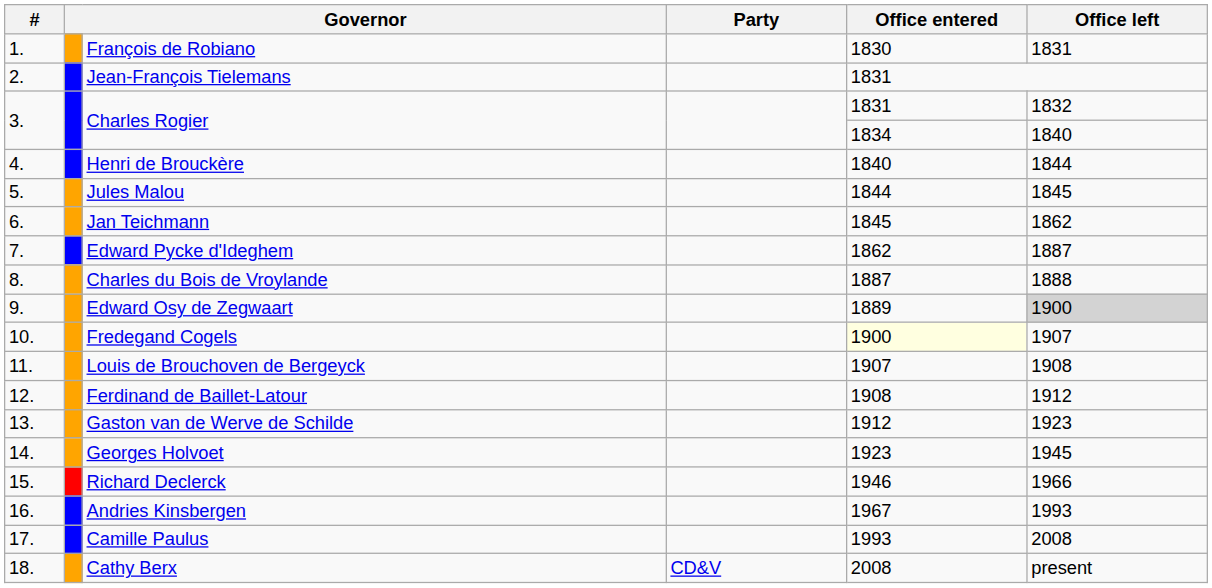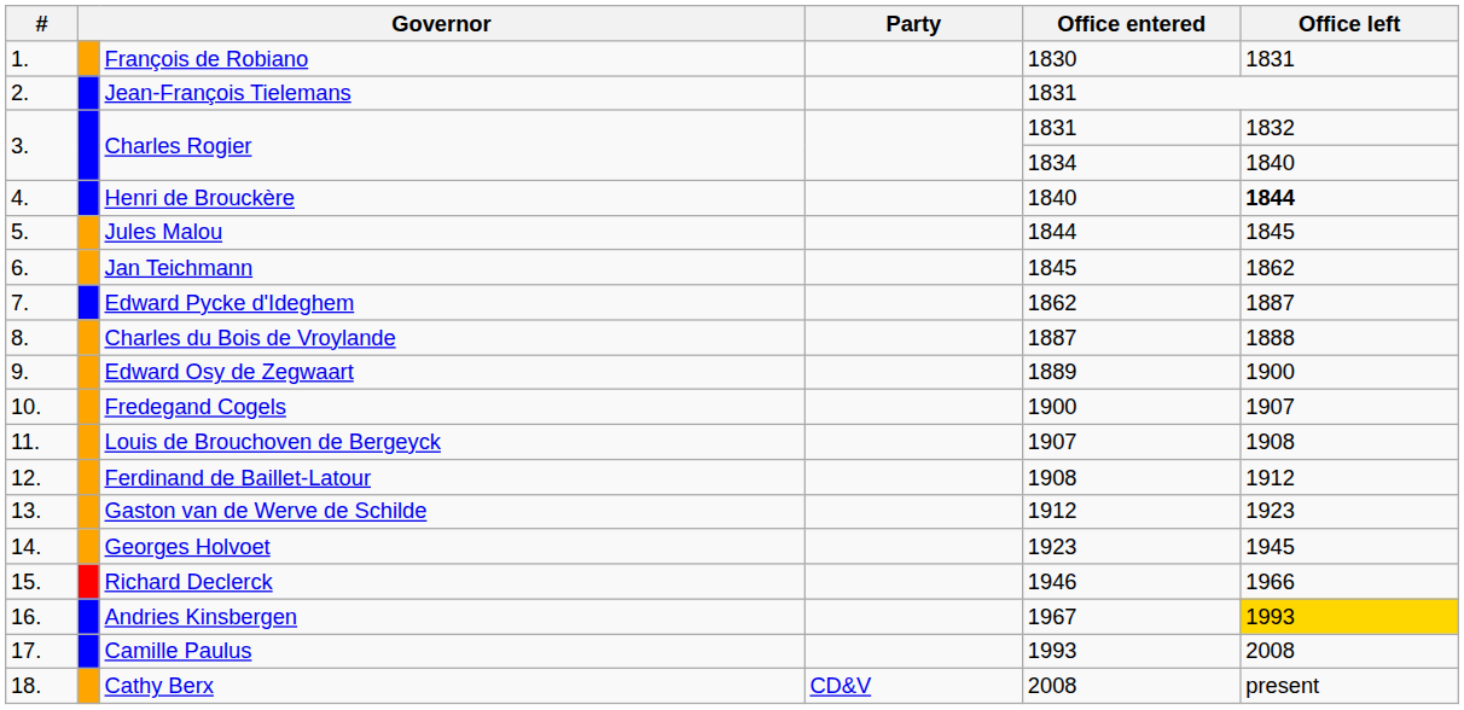 <table class="wikitable" style="text-align:left; font-size:90%; width:75%">
 <tr>
 <th>#</th>
 <th colspan=2 width=50%>Governor</th>
 <th width=15%>Party</th>
 <th width=15%>Office entered</th>
 <th width=15%>Office left</th>
 </tr>
 <tr>
 <td>1.</td>
 <td bgcolor="orange"></td>
 <td><a href='#'>François de Robiano</a></td>
 <td></td>
 <td>1830</td>
 <td>1831</td>
 </tr>
 <tr>
 <td>2.</td>
 <td bgcolor="blue"></td>
 <td><a href='#'>Jean-François Tielemans</a></td>
 <td></td>
 <td colspan=2>1831</td>
 </tr>
 <tr>
 <td rowspan=2>3.</td>
 <td bgcolor="blue" rowspan=2></td>
 <td rowspan=2><a href='#'>Charles Rogier</a></td>
 <td rowspan=2></td>
 <td>1831</td>
 <td>1832</td>
 </tr>
 <tr>
 <td>1834</td>
 <td>1840</td>
 </tr>
 <tr>
 <td>4.</td>
 <td bgcolor="blue"></td>
 <td><a href='#'>Henri de Brouckère</a></td>
 <td></td>
 <td>1840</td>
-<td>1844</td>
+<td><strong>1844</strong></td>
 </tr>
 <tr>
 <td>5.</td>
 <td bgcolor="orange"></td>
 <td><a href='#'>Jules Malou</a></td>
 <td></td>
 <td>1844</td>
 <td>1845</td>
 </tr>
 <tr>
 <td>6.</td>
 <td bgcolor="orange"></td>
 <td><a href='#'>Jan Teichmann</a></td>
 <td></td>
 <td>1845</td>
 <td>1862</td>
 </tr>
 <tr>
 <td>7.</td>
 <td bgcolor="blue"></td>
 <td><a href='#'>Edward Pycke d'Ideghem</a></td>
 <td></td>
 <td>1862</td>
 <td>1887</td>
 </tr>
 <tr>
 <td>8.</td>
 <td bgcolor="orange"></td>
 <td><a href='#'>Charles du Bois de Vroylande</a></td>
 <td></td>
 <td>1887</td>
 <td>1888</td>
 </tr>
 <tr>
 <td>9.</td>
 <td bgcolor="orange"></td>
 <td><a href='#'>Edward Osy de Zegwaart</a></td>
 <td></td>
 <td>1889</td>
-<td style="background: lightgrey;">1900</td>
+<td>1900</td>
 </tr>
 <tr>
 <td>10.</td>
 <td bgcolor="orange"></td>
 <td><a href='#'>Fredegand Cogels</a></td>
 <td></td>
-<td style="background: lightyellow;">1900</td>
+<td>1900</td>
 <td>1907</td>
 </tr>
 <tr>
 <td>11.</td>
 <td bgcolor="orange"></td>
 <td><a href='#'>Louis de Brouchoven de Bergeyck</a></td>
 <td></td>
 <td>1907</td>
 <td>1908</td>
 </tr>
 <tr>
 <td>12.</td>
 <td bgcolor="orange"></td>
 <td><a href='#'>Ferdinand de Baillet-Latour</a></td>
 <td></td>
 <td>1908</td>
 <td>1912</td>
 </tr>
 <tr>
 <td>13.</td>
 <td bgcolor="orange"></td>
 <td><a href='#'>Gaston van de Werve de Schilde</a></td>
 <td></td>
 <td>1912</td>
 <td>1923</td>
 </tr>
 <tr>
 <td>14.</td>
 <td bgcolor="orange"></td>
 <td><a href='#'>Georges Holvoet</a></td>
 <td></td>
 <td>1923</td>
 <td>1945</td>
 </tr>
 <tr>
 <td>15.</td>
 <td bgcolor="red"></td>
 <td><a href='#'>Richard Declerck</a></td>
 <td></td>
 <td>1946</td>
 <td>1966</td>
 </tr>
 <tr>
 <td>16.</td>
 <td bgcolor="blue"></td>
 <td><a href='#'>Andries Kinsbergen</a></td>
 <td></td>
 <td>1967</td>
-<td>1993</td>
+<td style="background: gold;">1993</td>
 </tr>
 <tr>
 <td>17.</td>
 <td bgcolor="blue"></td>
 <td><a href='#'>Camille Paulus</a></td>
 <td></td>
 <td>1993</td>
 <td>2008</td>
 </tr>
 <tr>
 <td>18.</td>
 <td bgcolor="orange"></td>
 <td><a href='#'>Cathy Berx</a></td>
 <td><a href='#'>CD&V</a></td>
 <td>2008</td>
 <td>present</td>
 </tr>
 </table>
